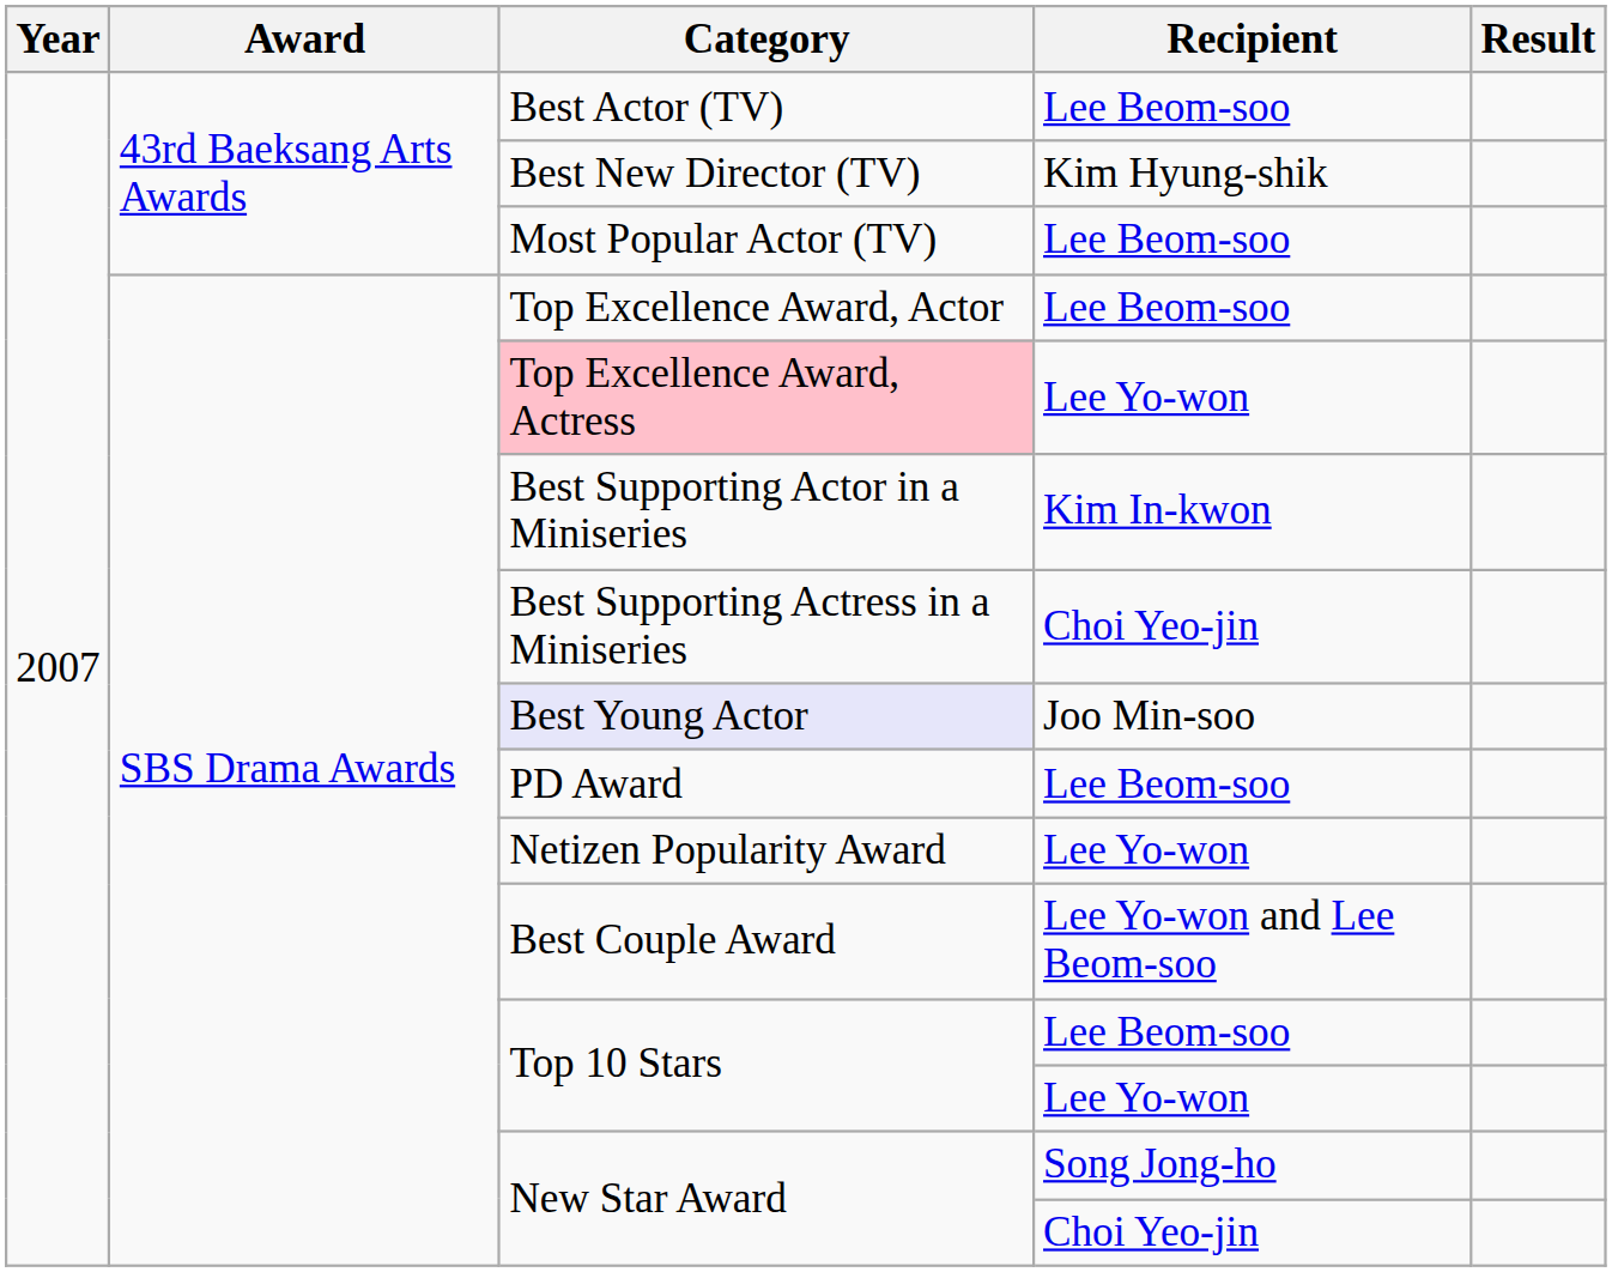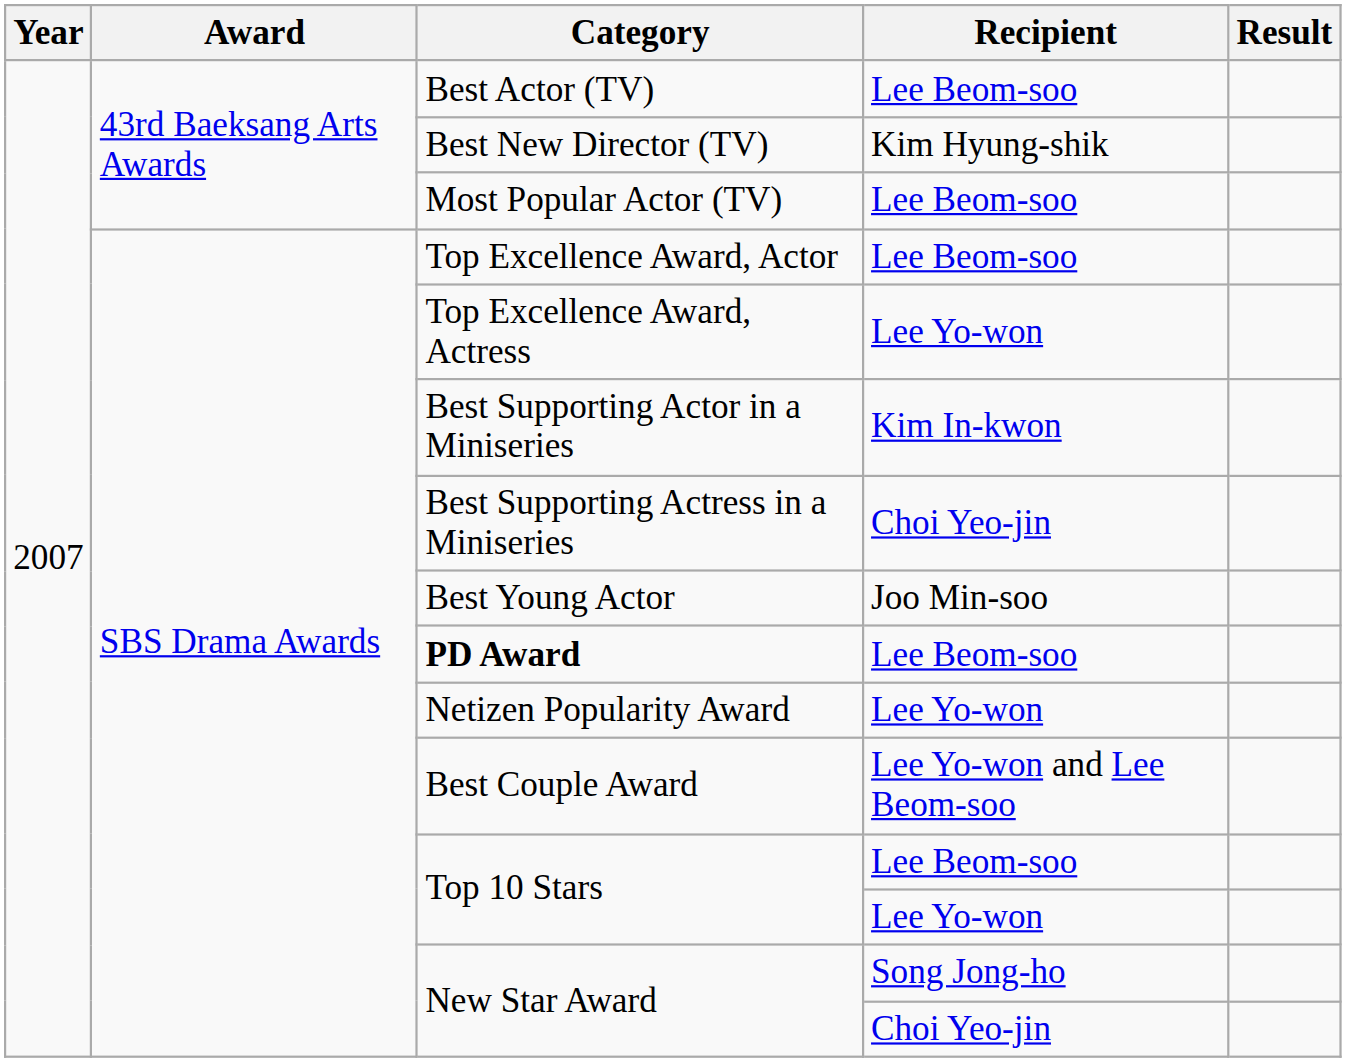 <table class="wikitable">
 <tr>
 <th>Year</th>
 <th>Award</th>
 <th>Category</th>
 <th>Recipient</th>
 <th>Result</th>
 </tr>
 <tr>
 <td rowspan=15>2007</td>
 <td rowspan=3><a href='#'>43rd Baeksang Arts Awards</a></td>
 <td>Best Actor (TV)</td>
 <td><a href='#'>Lee Beom-soo</a></td>
 <td></td>
 </tr>
 <tr>
 <td>Best New Director (TV)</td>
 <td>Kim Hyung-shik</td>
 <td></td>
 </tr>
 <tr>
 <td>Most Popular Actor (TV)</td>
 <td><a href='#'>Lee Beom-soo</a></td>
 <td></td>
 </tr>
 <tr>
 <td rowspan=12><a href='#'>SBS Drama Awards</a></td>
 <td>Top Excellence Award, Actor</td>
 <td><a href='#'>Lee Beom-soo</a></td>
 <td></td>
 </tr>
 <tr>
-<td style="background: pink;">Top Excellence Award, Actress</td>
+<td>Top Excellence Award, Actress</td>
 <td><a href='#'>Lee Yo-won</a></td>
 <td></td>
 </tr>
 <tr>
 <td>Best Supporting Actor in a Miniseries</td>
 <td><a href='#'>Kim In-kwon</a></td>
 <td></td>
 </tr>
 <tr>
 <td>Best Supporting Actress in a Miniseries</td>
 <td><a href='#'>Choi Yeo-jin</a></td>
 <td></td>
 </tr>
 <tr>
-<td style="background: lavender;">Best Young Actor</td>
+<td>Best Young Actor</td>
 <td>Joo Min-soo</td>
 <td></td>
 </tr>
 <tr>
-<td>PD Award</td>
+<td><strong>PD Award</strong></td>
 <td><a href='#'>Lee Beom-soo</a></td>
 <td></td>
 </tr>
 <tr>
 <td>Netizen Popularity Award</td>
 <td><a href='#'>Lee Yo-won</a></td>
 <td></td>
 </tr>
 <tr>
 <td>Best Couple Award</td>
 <td><a href='#'>Lee Yo-won</a> and <a href='#'>Lee Beom-soo</a></td>
 <td></td>
 </tr>
 <tr>
 <td rowspan=2>Top 10 Stars</td>
 <td><a href='#'>Lee Beom-soo</a></td>
 <td></td>
 </tr>
 <tr>
 <td><a href='#'>Lee Yo-won</a></td>
 <td></td>
 </tr>
 <tr>
 <td rowspan=2>New Star Award</td>
 <td><a href='#'>Song Jong-ho</a></td>
 <td></td>
 </tr>
 <tr>
 <td><a href='#'>Choi Yeo-jin</a></td>
 <td></td>
 </tr>
 </table>
